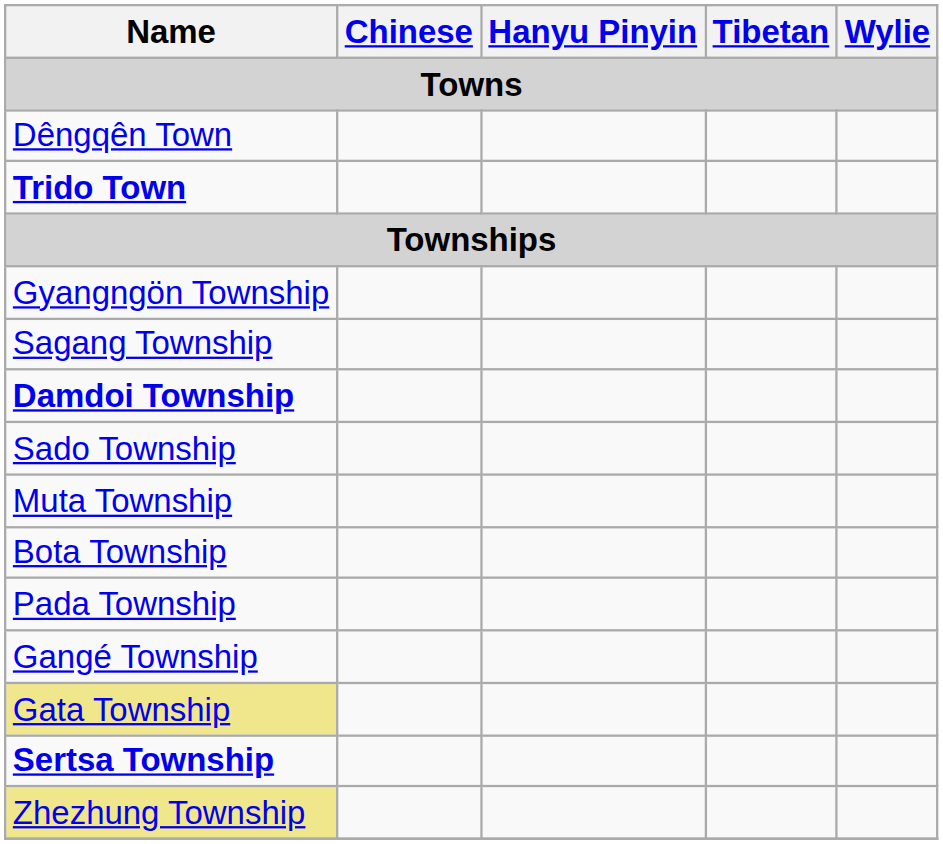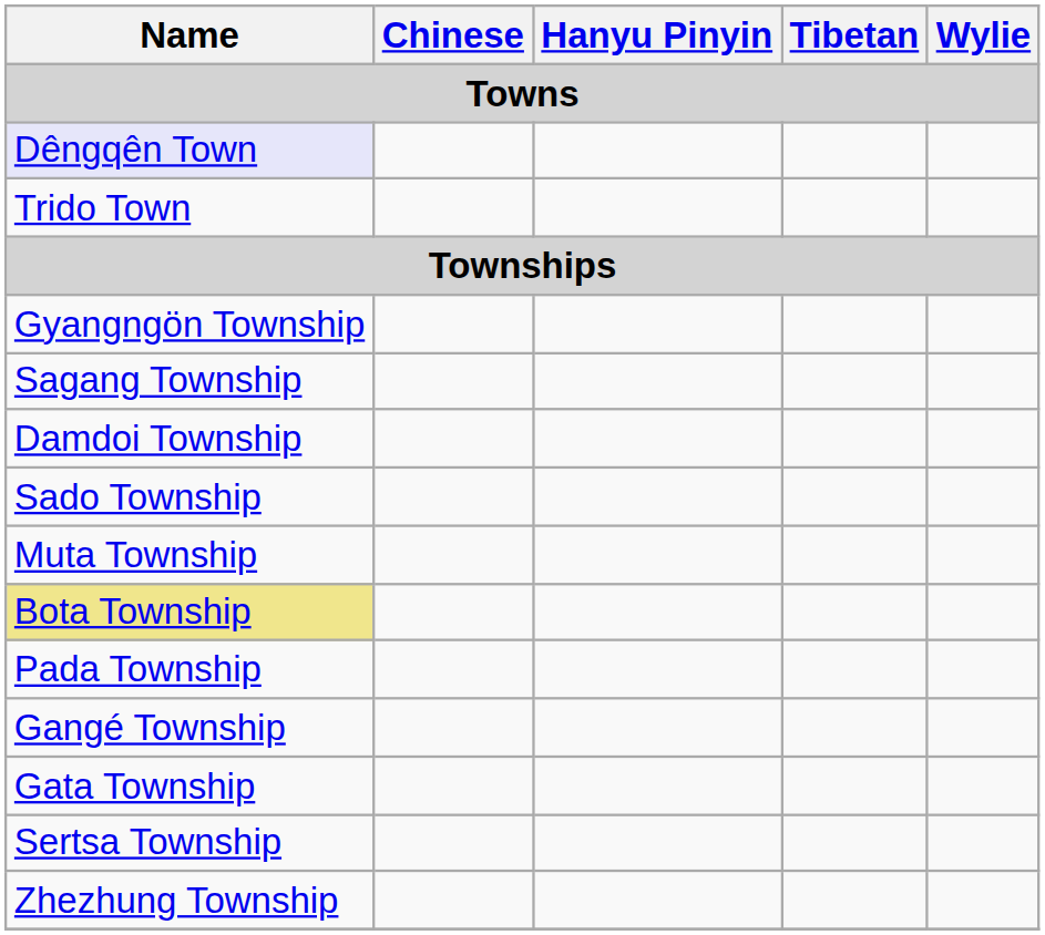 <table class="wikitable"  style="font-size:90%;" align=center>
 <tr>
 <th>Name</th>
 <th><a href='#'>Chinese</a></th>
 <th><a href='#'>Hanyu Pinyin</a></th>
 <th><a href='#'>Tibetan</a></th>
 <th><a href='#'>Wylie</a></th>
 </tr>
 <tr --------->
 <td colspan="7"  style="text-align:center; background:#d3d3d3;"><strong>Towns</strong></td>
 </tr>
 <tr --------->
-<td><a href='#'>Dêngqên Town</a></td>
+<td style="background: lavender;"><a href='#'>Dêngqên Town</a></td>
 <td></td>
 <td></td>
 <td></td>
 <td></td>
 </tr>
 <tr>
-<td><strong><a href='#'>Trido Town</a></strong></td>
+<td><a href='#'>Trido Town</a></td>
 <td></td>
 <td></td>
 <td></td>
 <td></td>
 </tr>
 <tr --------->
 <td colspan="7"  style="text-align:center; background:#d3d3d3;"><strong>Townships</strong></td>
 </tr>
 <tr --------->
 <td><a href='#'>Gyangngön Township</a></td>
 <td></td>
 <td></td>
 <td></td>
 <td></td>
 </tr>
 <tr>
 <td><a href='#'>Sagang Township</a></td>
 <td></td>
 <td></td>
 <td></td>
 <td></td>
 </tr>
 <tr>
-<td><strong><a href='#'>Damdoi Township</a></strong></td>
+<td><a href='#'>Damdoi Township</a></td>
 <td></td>
 <td></td>
 <td></td>
 <td></td>
 </tr>
 <tr>
 <td><a href='#'>Sado Township</a></td>
 <td></td>
 <td></td>
 <td></td>
 <td></td>
 </tr>
 <tr>
 <td><a href='#'>Muta Township</a></td>
 <td></td>
 <td></td>
 <td></td>
 <td></td>
 </tr>
 <tr>
-<td><a href='#'>Bota Township</a></td>
+<td style="background: khaki;"><a href='#'>Bota Township</a></td>
 <td></td>
 <td></td>
 <td></td>
 <td></td>
 </tr>
 <tr>
 <td><a href='#'>Pada Township</a></td>
 <td></td>
 <td></td>
 <td></td>
 <td></td>
 </tr>
 <tr>
 <td><a href='#'>Gangé Township</a></td>
 <td></td>
 <td></td>
 <td></td>
 <td></td>
 </tr>
 <tr>
-<td style="background: khaki;"><a href='#'>Gata Township</a></td>
+<td><a href='#'>Gata Township</a></td>
 <td></td>
 <td></td>
 <td></td>
 <td></td>
 </tr>
 <tr>
-<td><strong><a href='#'>Sertsa Township</a></strong></td>
+<td><a href='#'>Sertsa Township</a></td>
 <td></td>
 <td></td>
 <td></td>
 <td></td>
 </tr>
 <tr>
-<td style="background: khaki;"><a href='#'>Zhezhung Township</a></td>
+<td><a href='#'>Zhezhung Township</a></td>
 <td></td>
 <td></td>
 <td></td>
 <td></td>
 </tr>
 <tr>
 </tr>
 </table>
